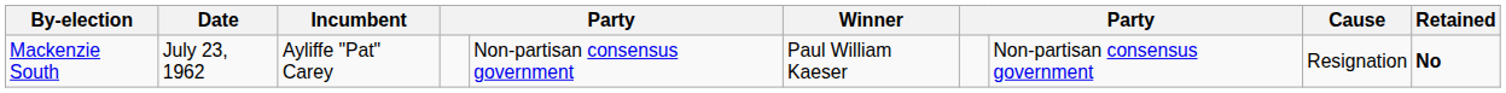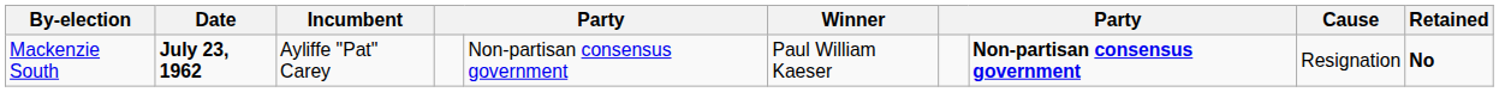 <table class=wikitable style="width:100%">
 <tr>
 <th>By-election</th>
 <th>Date</th>
 <th>Incumbent</th>
 <th colspan=2>Party</th>
 <th>Winner</th>
 <th colspan=2>Party</th>
 <th>Cause</th>
 <th>Retained</th>
 </tr>
 <tr>
 <td><a href='#'>Mackenzie South</a></td>
-<td>July 23, 1962</td>
+<td><strong>July 23, 1962</strong></td>
 <td>Ayliffe "Pat" Carey</td>
 <td>    </td>
 <td>Non-partisan <a href='#'>consensus government</a></td>
 <td>Paul William Kaeser</td>
 <td>    </td>
-<td>Non-partisan <a href='#'>consensus government</a></td>
+<td><strong>Non-partisan <a href='#'>consensus government</a></strong></td>
 <td>Resignation</td>
 <td><strong>No</strong></td>
 </tr>
 </table>
